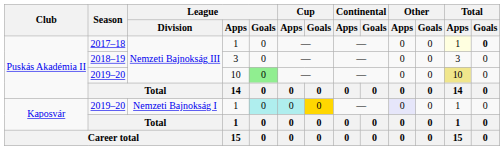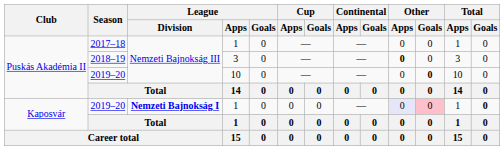 <table class="wikitable" style="text-align:center">
 <tr>
 <th rowspan="2">Club</th>
 <th rowspan="2">Season</th>
 <th colspan="3">League</th>
 <th colspan="2">Cup</th>
 <th colspan="2">Continental</th>
 <th colspan="2">Other</th>
 <th colspan="2">Total</th>
 </tr>
 <tr>
 <th>Division</th>
 <th>Apps</th>
 <th>Goals</th>
 <th>Apps</th>
 <th>Goals</th>
 <th>Apps</th>
 <th>Goals</th>
 <th>Apps</th>
 <th>Goals</th>
 <th>Apps</th>
 <th>Goals</th>
 </tr>
 <tr>
 <td rowspan="4"><a href='#'>Puskás Akadémia II</a></td>
 <td><a href='#'>2017–18</a></td>
 <td rowspan="3"><a href='#'>Nemzeti Bajnokság III</a></td>
 <td>1</td>
 <td>0</td>
 <td colspan="2">—</td>
 <td colspan="2">—</td>
 <td>0</td>
 <td>0</td>
-<td style="background: lightyellow;">1</td>
-<td><strong>0</strong></td>
+<td>1</td>
+<td>0</td>
 </tr>
 <tr>
 <td><a href='#'>2018–19</a></td>
 <td>3</td>
 <td>0</td>
 <td colspan="2">—</td>
 <td colspan="2">—</td>
-<td>0</td>
+<td><strong>0</strong></td>
 <td>0</td>
 <td>3</td>
 <td>0</td>
 </tr>
 <tr>
 <td><a href='#'>2019–20</a></td>
 <td>10</td>
-<td style="background: lightgreen;">0</td>
+<td>0</td>
 <td colspan="2">—</td>
 <td colspan="2">—</td>
 <td>0</td>
-<td>0</td>
-<td style="background: khaki;">10</td>
+<td><strong>0</strong></td>
+<td>10</td>
 <td>0</td>
 </tr>
 <tr>
 <th colspan="2">Total</th>
 <th>14</th>
 <th>0</th>
 <th>0</th>
 <th>0</th>
 <th>0</th>
 <th>0</th>
 <th>0</th>
 <th>0</th>
 <th>14</th>
 <th>0</th>
 </tr>
 <tr>
 <td rowspan="2"><a href='#'>Kaposvár</a></td>
 <td><a href='#'>2019–20</a></td>
-<td><a href='#'>Nemzeti Bajnokság I</a></td>
+<td><strong><a href='#'>Nemzeti Bajnokság I</a></strong></td>
 <td>1</td>
-<td style="background: paleturquoise;">0</td>
-<td style="background: paleturquoise;">0</td>
-<td style="background: gold;">0</td>
+<td>0</td>
+<td>0</td>
+<td>0</td>
 <td colspan="2">—</td>
 <td style="background: lavender;">0</td>
-<td>0</td>
+<td style="background: pink;">0</td>
 <td>1</td>
-<td>0</td>
+<td><strong>0</strong></td>
 </tr>
 <tr>
 <th colspan="2">Total</th>
 <th>1</th>
 <th>0</th>
 <th>0</th>
 <th>0</th>
 <th>0</th>
 <th>0</th>
 <th>0</th>
 <th>0</th>
 <th>1</th>
 <th>0</th>
 </tr>
 <tr>
 <th colspan="3">Career total</th>
 <th>15</th>
 <th>0</th>
 <th>0</th>
 <th>0</th>
 <th>0</th>
 <th>0</th>
 <th>0</th>
 <th>0</th>
 <th>15</th>
 <th>0</th>
 </tr>
 </table>
